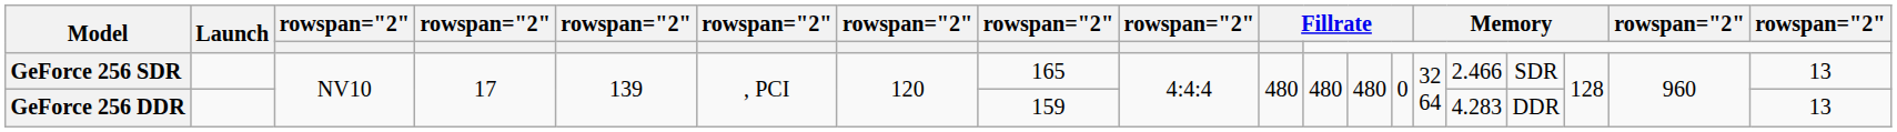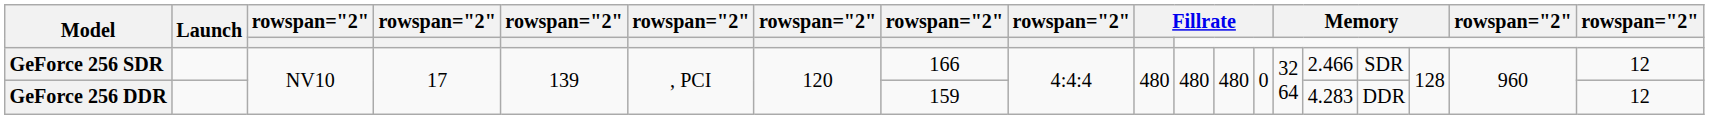 <table class="mw-datatable wikitable sortable" style="font-size:85%; text-align:center;">
 <tr>
 <th rowspan="2" style="vertical-align: bottom">Model</th>
 <th rowspan="2" style="vertical-align: bottom">Launch</th>
 <th>rowspan="2" </th>
 <th>rowspan="2" </th>
 <th>rowspan="2" </th>
 <th>rowspan="2" </th>
 <th>rowspan="2" </th>
 <th>rowspan="2" </th>
 <th>rowspan="2" </th>
 <th colspan="4"><a href='#'>Fillrate</a></th>
 <th colspan="4">Memory</th>
 <th>rowspan="2" </th>
 <th>rowspan="2" </th>
 </tr>
 <tr>
 <th></th>
 <th></th>
 <th></th>
 <th></th>
 <th></th>
 <th></th>
 <th></th>
 <th></th>
 </tr>
 <tr>
 <th style="text-align:left">GeForce 256 SDR</th>
 <td></td>
 <td rowspan="2">NV10</td>
 <td rowspan="2">17</td>
 <td rowspan="2">139</td>
 <td rowspan="2">, PCI</td>
 <td rowspan="2">120</td>
-<td>165</td>
+<td>166</td>
 <td rowspan="2">4:4:4</td>
 <td rowspan="2">480</td>
 <td rowspan="2">480</td>
 <td rowspan="2">480</td>
 <td rowspan="2">0</td>
 <td rowspan="2">32<br>64</td>
 <td>2.466</td>
 <td>SDR</td>
 <td rowspan="2">128</td>
 <td rowspan="2">960</td>
-<td>13</td>
+<td>12</td>
 </tr>
 <tr>
 <th style="text-align:left">GeForce 256 DDR</th>
 <td></td>
 <td>159</td>
 <td>4.283</td>
 <td>DDR</td>
-<td>13</td>
+<td>12</td>
 </tr>
 </table>
